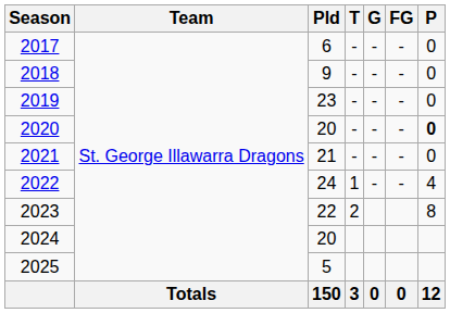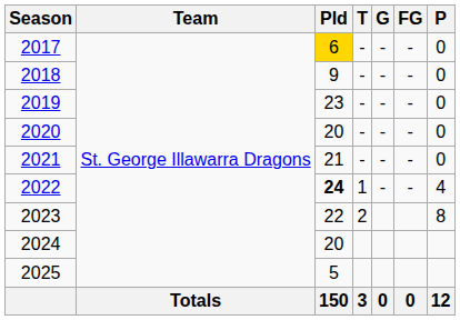 <table class="wikitable" style="border-collapse:collapse;text-align:center">
 <tr>
 <th>Season</th>
 <th>Team</th>
 <th>Pld</th>
 <th>T</th>
 <th>G</th>
 <th>FG</th>
 <th>P</th>
 </tr>
 <tr>
 <td><a href='#'>2017</a></td>
 <td rowspan="9"> <a href='#'>St. George Illawarra Dragons</a></td>
-<td>6</td>
+<td style="background: gold;">6</td>
 <td>-</td>
 <td>-</td>
 <td>-</td>
 <td>0</td>
 </tr>
 <tr>
 <td><a href='#'>2018</a></td>
 <td>9</td>
 <td>-</td>
 <td>-</td>
 <td>-</td>
 <td>0</td>
 </tr>
 <tr>
 <td><a href='#'>2019</a></td>
 <td>23</td>
 <td>-</td>
 <td>-</td>
 <td>-</td>
 <td>0</td>
 </tr>
 <tr>
 <td><a href='#'>2020</a></td>
 <td>20</td>
 <td>-</td>
 <td>-</td>
 <td>-</td>
-<td><strong>0</strong></td>
+<td>0</td>
 </tr>
 <tr>
 <td><a href='#'>2021</a></td>
 <td>21</td>
 <td>-</td>
 <td>-</td>
 <td>-</td>
 <td>0</td>
 </tr>
 <tr>
 <td><a href='#'>2022</a></td>
-<td>24</td>
+<td><strong>24</strong></td>
 <td>1</td>
 <td>-</td>
 <td>-</td>
 <td>4</td>
 </tr>
 <tr>
 <td>2023</td>
 <td>22</td>
 <td>2</td>
 <td></td>
 <td></td>
 <td>8</td>
 </tr>
 <tr>
 <td>2024</td>
 <td>20</td>
 <td></td>
 <td></td>
 <td></td>
 <td></td>
 </tr>
 <tr>
 <td>2025</td>
 <td>5</td>
 <td></td>
 <td></td>
 <td></td>
 <td></td>
 </tr>
 <tr>
 <th></th>
 <th>Totals</th>
 <th>150</th>
 <th>3</th>
 <th>0</th>
 <th>0</th>
 <th>12</th>
 </tr>
 </table>
